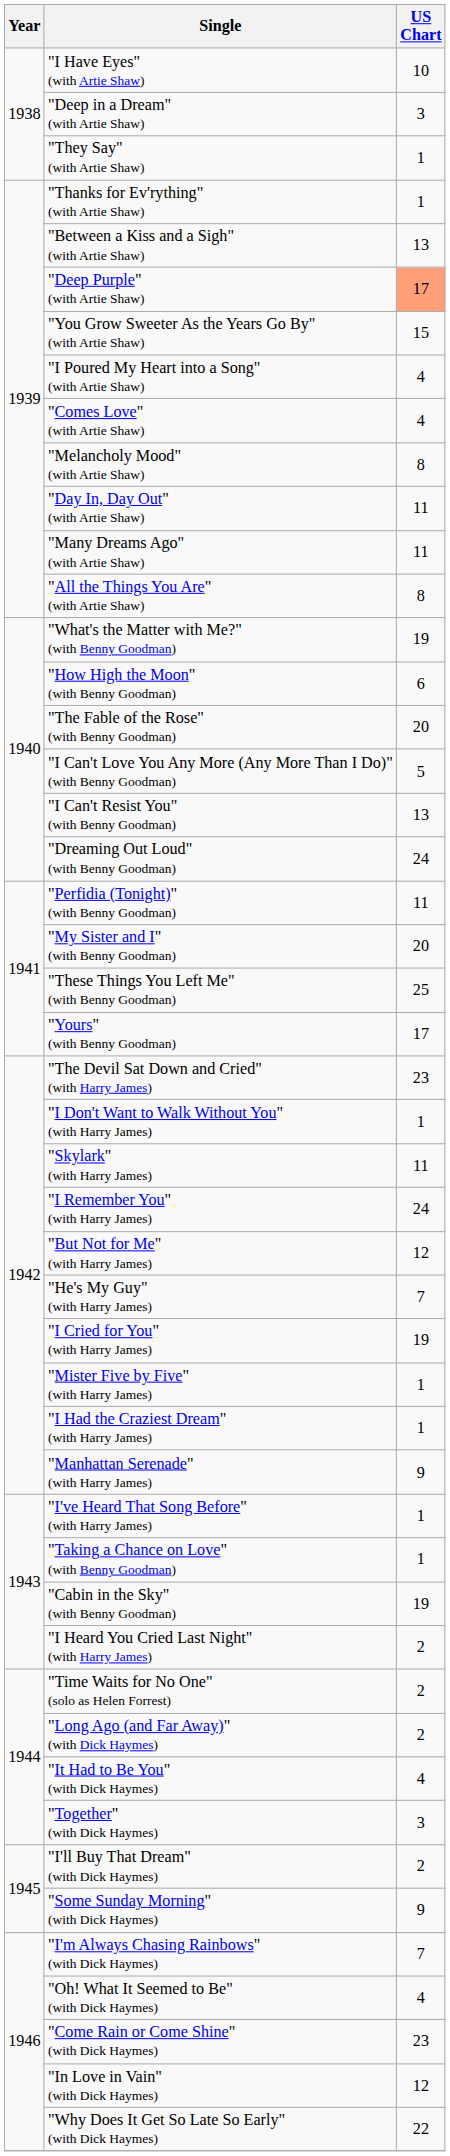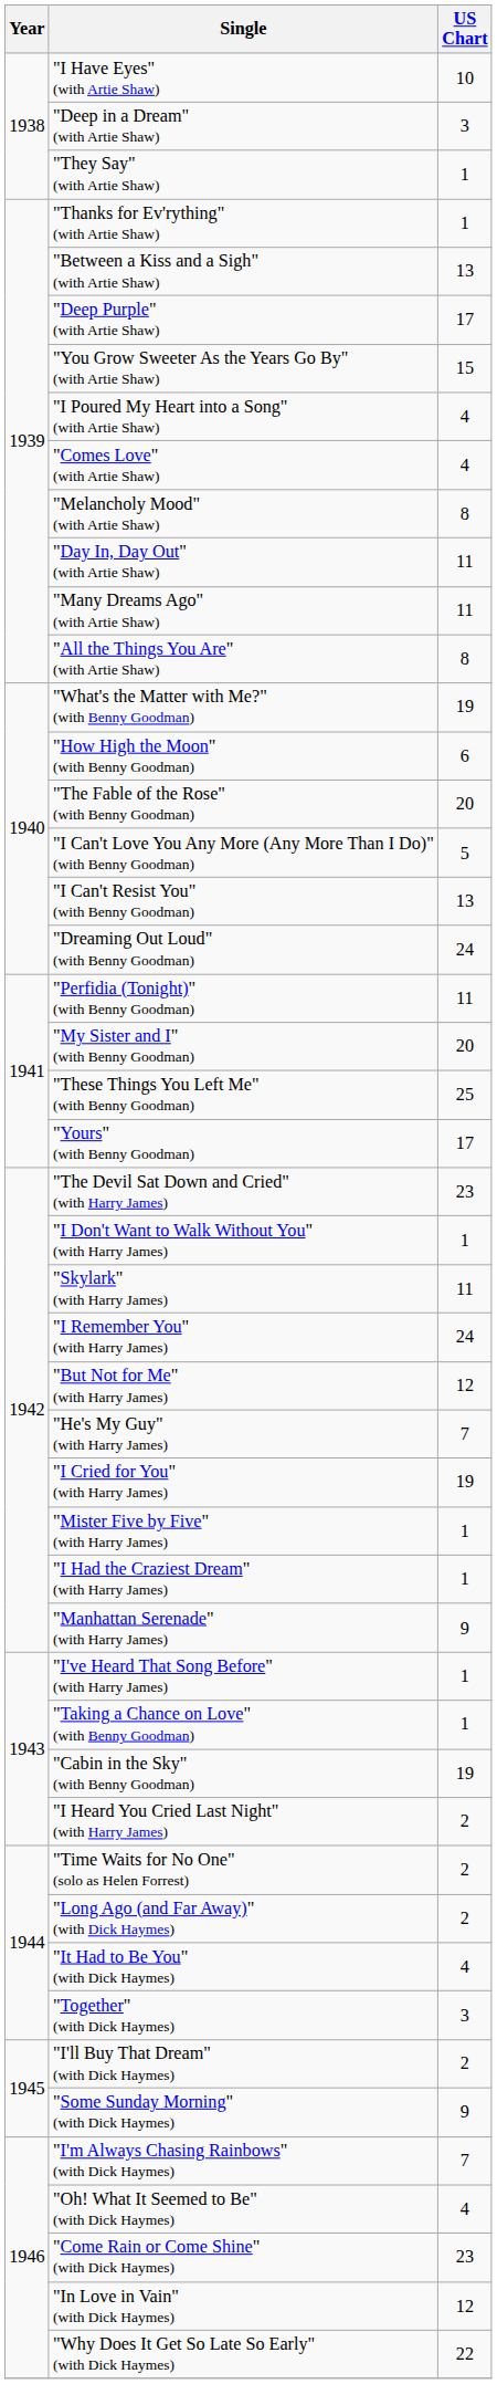 <table class="wikitable">
 <tr>
 <th>Year</th>
 <th>Single</th>
 <th><a href='#'>US<br>Chart</a></th>
 </tr>
 <tr>
 <td rowspan="3">1938</td>
 <td>"I Have Eyes" <br><small>(with <a href='#'>Artie Shaw</a>)</small></td>
 <td align="center">10</td>
 </tr>
 <tr>
 <td>"Deep in a Dream" <br><small>(with Artie Shaw)</small></td>
 <td align="center">3</td>
 </tr>
 <tr>
 <td>"They Say" <br><small>(with Artie Shaw)</small></td>
 <td align="center">1</td>
 </tr>
 <tr>
 <td rowspan="10">1939</td>
 <td>"Thanks for Ev'rything" <br><small>(with Artie Shaw)</small></td>
 <td align="center">1</td>
 </tr>
 <tr>
 <td>"Between a Kiss and a Sigh" <br><small>(with Artie Shaw)</small></td>
 <td align="center">13</td>
 </tr>
 <tr>
 <td>"<a href='#'>Deep Purple</a>" <br><small>(with Artie Shaw)</small></td>
-<td align="center" style="background: lightsalmon;">17</td>
+<td align="center">17</td>
 </tr>
 <tr>
 <td>"You Grow Sweeter As the Years Go By" <br><small>(with Artie Shaw)</small></td>
 <td align="center">15</td>
 </tr>
 <tr>
 <td>"I Poured My Heart into a Song" <br><small>(with Artie Shaw)</small></td>
 <td align="center">4</td>
 </tr>
 <tr>
 <td>"<a href='#'>Comes Love</a>" <br><small>(with Artie Shaw)</small></td>
 <td align="center">4</td>
 </tr>
 <tr>
 <td>"Melancholy Mood" <br><small>(with Artie Shaw)</small></td>
 <td align="center">8</td>
 </tr>
 <tr>
 <td>"<a href='#'>Day In, Day Out</a>" <br><small>(with Artie Shaw)</small></td>
 <td align="center">11</td>
 </tr>
 <tr>
 <td>"Many Dreams Ago" <br><small>(with Artie Shaw)</small></td>
 <td align="center">11</td>
 </tr>
 <tr>
 <td>"<a href='#'>All the Things You Are</a>" <br><small>(with Artie Shaw)</small></td>
 <td align="center">8</td>
 </tr>
 <tr>
 <td rowspan="6">1940</td>
 <td>"What's the Matter with Me?" <br><small>(with <a href='#'>Benny Goodman</a>)</small></td>
 <td align="center">19</td>
 </tr>
 <tr>
 <td>"<a href='#'>How High the Moon</a>" <br><small>(with Benny Goodman)</small></td>
 <td align="center">6</td>
 </tr>
 <tr>
 <td>"The Fable of the Rose" <br><small>(with Benny Goodman)</small></td>
 <td align="center">20</td>
 </tr>
 <tr>
 <td>"I Can't Love You Any More (Any More Than I Do)" <br><small>(with Benny Goodman)</small></td>
 <td align="center">5</td>
 </tr>
 <tr>
 <td>"I Can't Resist You" <br><small>(with Benny Goodman)</small></td>
 <td align="center">13</td>
 </tr>
 <tr>
 <td>"Dreaming Out Loud" <br><small>(with Benny Goodman)</small></td>
 <td align="center">24</td>
 </tr>
 <tr>
 <td rowspan="4">1941</td>
 <td>"<a href='#'>Perfidia (Tonight)</a>" <br><small>(with Benny Goodman)</small></td>
 <td align="center">11</td>
 </tr>
 <tr>
 <td>"<a href='#'>My Sister and I</a>" <br><small>(with Benny Goodman)</small></td>
 <td align="center">20</td>
 </tr>
 <tr>
 <td>"These Things You Left Me" <br><small>(with Benny Goodman)</small></td>
 <td align="center">25</td>
 </tr>
 <tr>
 <td>"<a href='#'>Yours</a>" <br><small>(with Benny Goodman)</small></td>
 <td align="center">17</td>
 </tr>
 <tr>
 <td rowspan="10">1942</td>
 <td>"The Devil Sat Down and Cried" <br><small>(with <a href='#'>Harry James</a>)</small></td>
 <td align="center">23</td>
 </tr>
 <tr>
 <td>"<a href='#'>I Don't Want to Walk Without You</a>" <br><small>(with Harry James)</small></td>
 <td align="center">1</td>
 </tr>
 <tr>
 <td>"<a href='#'>Skylark</a>" <br><small>(with Harry James)</small></td>
 <td align="center">11</td>
 </tr>
 <tr>
 <td>"<a href='#'>I Remember You</a>" <br><small>(with Harry James)</small></td>
 <td align="center">24</td>
 </tr>
 <tr>
 <td>"<a href='#'>But Not for Me</a>" <br><small>(with Harry James)</small></td>
 <td align="center">12</td>
 </tr>
 <tr>
 <td>"He's My Guy" <br><small>(with Harry James)</small></td>
 <td align="center">7</td>
 </tr>
 <tr>
 <td>"<a href='#'>I Cried for You</a>" <br><small>(with Harry James)</small></td>
 <td align="center">19</td>
 </tr>
 <tr>
 <td>"<a href='#'>Mister Five by Five</a>" <br><small>(with Harry James)</small></td>
 <td align="center">1</td>
 </tr>
 <tr>
 <td>"<a href='#'>I Had the Craziest Dream</a>" <br><small>(with Harry James)</small></td>
 <td align="center">1</td>
 </tr>
 <tr>
 <td>"<a href='#'>Manhattan Serenade</a>" <br><small>(with Harry James)</small></td>
 <td align="center">9</td>
 </tr>
 <tr>
 <td rowspan="4">1943</td>
 <td>"<a href='#'>I've Heard That Song Before</a>" <br><small>(with Harry James)</small></td>
 <td align="center">1</td>
 </tr>
 <tr>
 <td>"<a href='#'>Taking a Chance on Love</a>" <br><small>(with <a href='#'>Benny Goodman</a>)</small></td>
 <td align="center">1</td>
 </tr>
 <tr>
 <td>"Cabin in the Sky" <br><small>(with Benny Goodman)</small></td>
 <td align="center">19</td>
 </tr>
 <tr>
 <td>"I Heard You Cried Last Night" <br><small>(with <a href='#'>Harry James</a>)</small></td>
 <td align="center">2</td>
 </tr>
 <tr>
 <td rowspan="4">1944</td>
 <td>"Time Waits for No One" <br><small>(solo as Helen Forrest)</small></td>
 <td align="center">2</td>
 </tr>
 <tr>
 <td>"<a href='#'>Long Ago (and Far Away)</a>" <br><small>(with <a href='#'>Dick Haymes</a>)</small></td>
 <td align="center">2</td>
 </tr>
 <tr>
 <td>"<a href='#'>It Had to Be You</a>" <br><small>(with Dick Haymes)</small></td>
 <td align="center">4</td>
 </tr>
 <tr>
 <td>"<a href='#'>Together</a>" <br><small>(with Dick Haymes)</small></td>
 <td align="center">3</td>
 </tr>
 <tr>
 <td rowspan="2">1945</td>
 <td>"I'll Buy That Dream" <br><small>(with Dick Haymes)</small></td>
 <td align="center">2</td>
 </tr>
 <tr>
 <td>"<a href='#'>Some Sunday Morning</a>" <br><small>(with Dick Haymes)</small></td>
 <td align="center">9</td>
 </tr>
 <tr>
 <td rowspan="5">1946</td>
 <td>"<a href='#'>I'm Always Chasing Rainbows</a>" <br><small>(with Dick Haymes)</small></td>
 <td align="center">7</td>
 </tr>
 <tr>
 <td>"Oh! What It Seemed to Be" <br><small>(with Dick Haymes)</small></td>
 <td align="center">4</td>
 </tr>
 <tr>
 <td>"<a href='#'>Come Rain or Come Shine</a>" <br><small>(with Dick Haymes)</small></td>
 <td align="center">23</td>
 </tr>
 <tr>
 <td>"In Love in Vain" <br><small>(with Dick Haymes)</small></td>
 <td align="center">12</td>
 </tr>
 <tr>
 <td>"Why Does It Get So Late So Early" <br><small>(with Dick Haymes)</small></td>
 <td align="center">22</td>
 </tr>
 <tr>
 </tr>
 </table>
